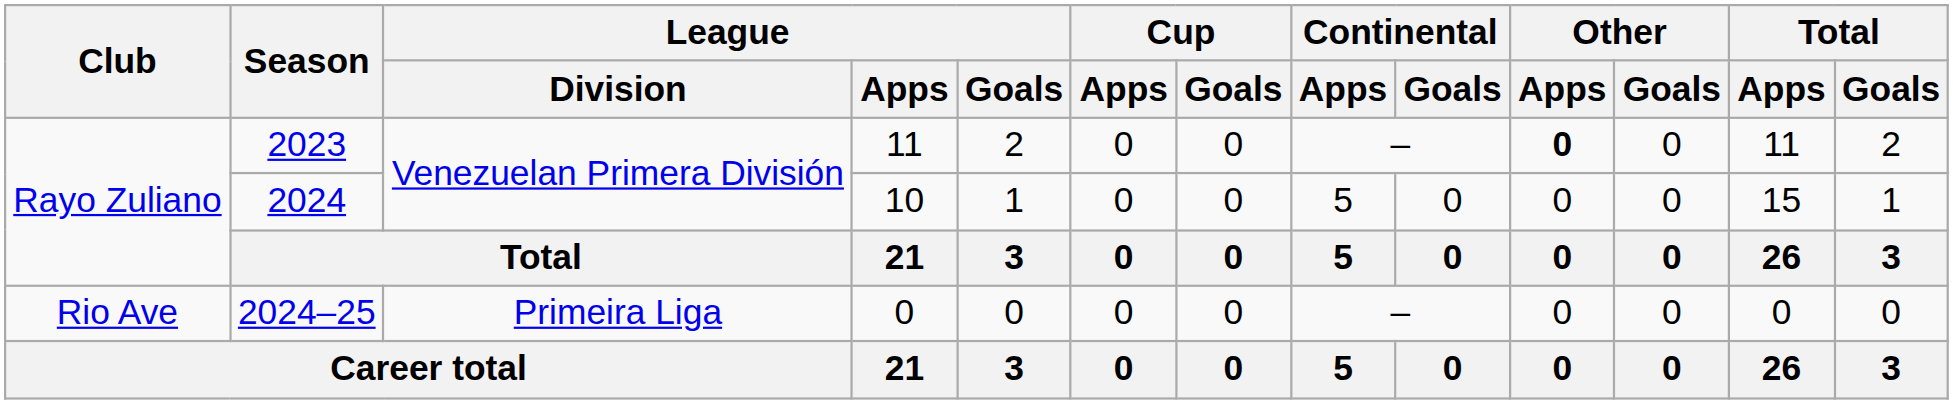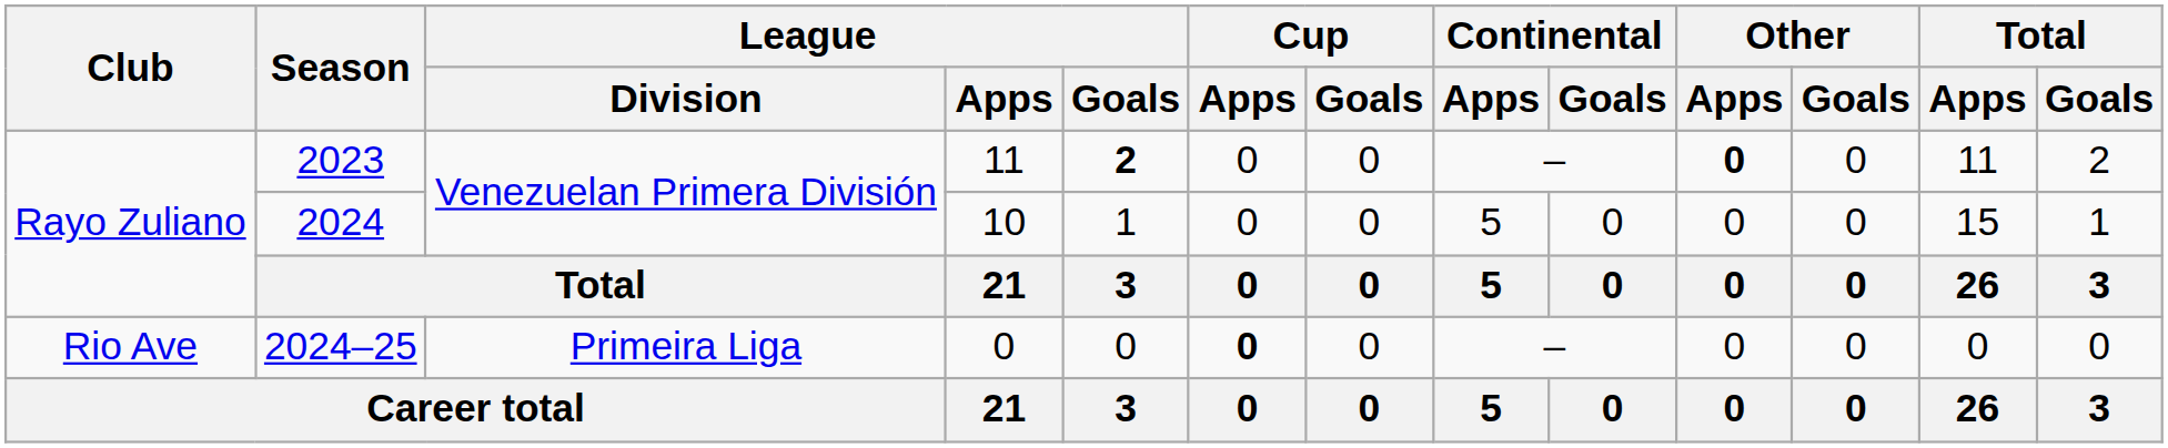 <table class=wikitable style=text-align:center>
 <tr>
 <th rowspan="2">Club</th>
 <th rowspan="2">Season</th>
 <th colspan="3">League</th>
 <th colspan="2">Cup</th>
 <th colspan="2">Continental</th>
 <th colspan="2">Other</th>
 <th colspan="2">Total</th>
 </tr>
 <tr>
 <th>Division</th>
 <th>Apps</th>
 <th>Goals</th>
 <th>Apps</th>
 <th>Goals</th>
 <th>Apps</th>
 <th>Goals</th>
 <th>Apps</th>
 <th>Goals</th>
 <th>Apps</th>
 <th>Goals</th>
 </tr>
 <tr>
 <td rowspan="3"><a href='#'>Rayo Zuliano</a></td>
 <td><a href='#'>2023</a></td>
 <td rowspan="2"><a href='#'>Venezuelan Primera División</a></td>
 <td>11</td>
-<td>2</td>
+<td><strong>2</strong></td>
 <td>0</td>
 <td>0</td>
 <td colspan="2">–</td>
 <td><strong>0</strong></td>
 <td>0</td>
 <td>11</td>
 <td>2</td>
 </tr>
 <tr>
 <td><a href='#'>2024</a></td>
 <td>10</td>
 <td>1</td>
 <td>0</td>
 <td>0</td>
 <td>5</td>
 <td>0</td>
 <td>0</td>
 <td>0</td>
 <td>15</td>
 <td>1</td>
 </tr>
 <tr>
 <th colspan="2"><strong>Total</strong></th>
 <th>21</th>
 <th>3</th>
 <th>0</th>
 <th>0</th>
 <th>5</th>
 <th>0</th>
 <th>0</th>
 <th>0</th>
 <th>26</th>
 <th>3</th>
 </tr>
 <tr>
 <td><a href='#'>Rio Ave</a></td>
 <td><a href='#'>2024–25</a></td>
 <td><a href='#'>Primeira Liga</a></td>
 <td>0</td>
 <td>0</td>
-<td>0</td>
+<td><strong>0</strong></td>
 <td>0</td>
 <td colspan="2">–</td>
 <td>0</td>
 <td>0</td>
 <td>0</td>
 <td>0</td>
 </tr>
 <tr>
 <th colspan="3"><strong>Career total</strong></th>
 <th>21</th>
 <th>3</th>
 <th>0</th>
 <th>0</th>
 <th>5</th>
 <th>0</th>
 <th>0</th>
 <th>0</th>
 <th>26</th>
 <th>3</th>
 </tr>
 </table>
